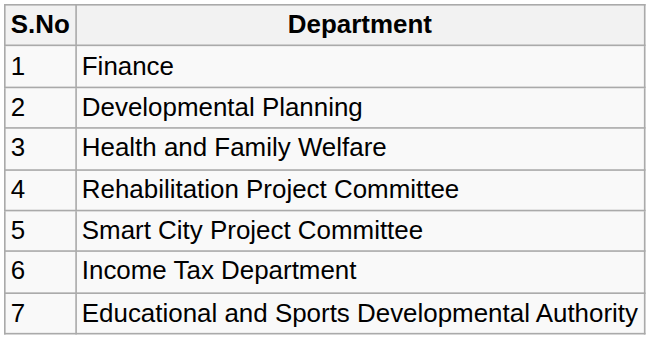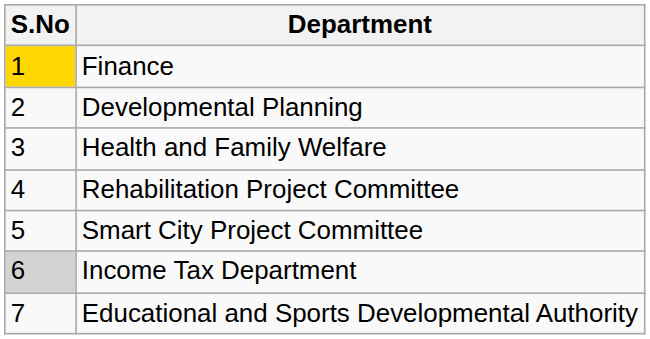 <table class="wikitable">
 <tr>
 <th>S.No</th>
 <th>Department</th>
 </tr>
 <tr>
-<td>1</td>
+<td style="background: gold;">1</td>
 <td>Finance</td>
 </tr>
 <tr>
 <td>2</td>
 <td>Developmental Planning</td>
 </tr>
 <tr>
 <td>3</td>
 <td>Health and Family Welfare</td>
 </tr>
 <tr>
 <td>4</td>
 <td>Rehabilitation Project Committee</td>
 </tr>
 <tr>
 <td>5</td>
 <td>Smart City Project Committee</td>
 </tr>
 <tr>
-<td>6</td>
+<td style="background: lightgrey;">6</td>
 <td>Income Tax Department</td>
 </tr>
 <tr>
 <td>7</td>
 <td>Educational and Sports Developmental Authority</td>
 </tr>
 </table>
